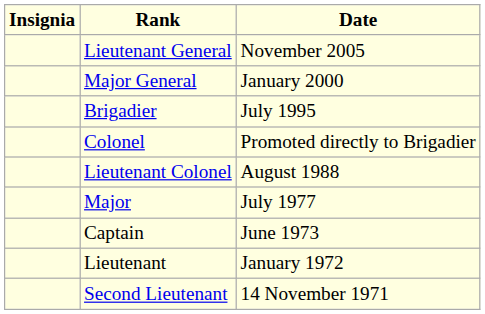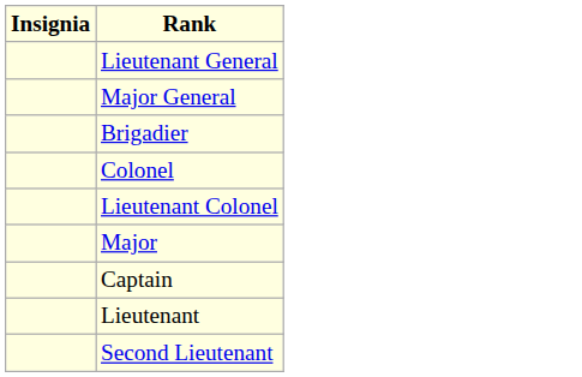 <table class="wikitable">
 <tr>
 <th style="background:#FFFFE0">Insignia</th>
 <th style="background:#FFFFE0">Rank</th>
-<th style="background:#FFFFE0">Date</th>
 </tr>
 <tr>
 <td style="background:#FFFFE0"> </td>
 <td style="background:#FFFFE0"><a href='#'>Lieutenant General</a></td>
-<td style="background:#FFFFE0">November 2005</td>
 </tr>
 <tr>
 <td style="background:#FFFFE0"> </td>
 <td style="background:#FFFFE0"><a href='#'>Major General</a></td>
-<td style="background:#FFFFE0">January 2000</td>
 </tr>
 <tr>
 <td style="background:#FFFFE0"> </td>
 <td style="background:#FFFFE0"><a href='#'>Brigadier</a></td>
-<td style="background:#FFFFE0">July 1995</td>
 </tr>
 <tr>
 <td style="background:#FFFFE0"></td>
 <td style="background:#FFFFE0"><a href='#'>Colonel</a></td>
-<td style="background:#FFFFE0">Promoted directly to Brigadier</td>
 </tr>
 <tr>
 <td style="background:#FFFFE0"></td>
 <td style="background:#FFFFE0"><a href='#'>Lieutenant Colonel</a></td>
-<td style="background:#FFFFE0">August 1988</td>
 </tr>
 <tr>
 <td style="background:#FFFFE0"></td>
 <td style="background:#FFFFE0"><a href='#'>Major</a></td>
-<td style="background:#FFFFE0">July 1977</td>
 </tr>
 <tr>
 <td style="background:#FFFFE0"></td>
 <td style="background:#FFFFE0">Captain</td>
-<td style="background:#FFFFE0">June 1973</td>
 </tr>
 <tr>
 <td style="background:#FFFFE0"></td>
 <td style="background:#FFFFE0">Lieutenant</td>
-<td style="background:#FFFFE0">January 1972</td>
 </tr>
 <tr>
 <td style="background:#FFFFE0"></td>
 <td style="background:#FFFFE0"><a href='#'>Second Lieutenant</a></td>
-<td style="background:#FFFFE0">14 November 1971</td>
 </tr>
 </table>
